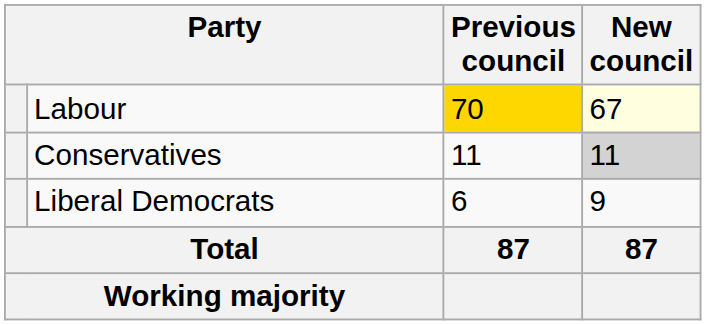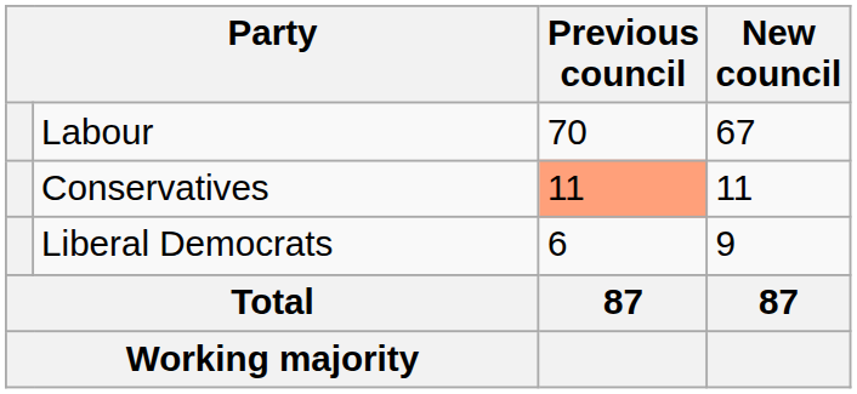 <table class="wikitable">
 <tr>
 <th valign=top colspan="2" style="width: 230px">Party</th>
 <th valign=top style="width: 30px">Previous council</th>
 <th valign=top style="width: 30px">New council</th>
 </tr>
 <tr>
 <th style="background-color: "></th>
 <td>Labour</td>
-<td style="background: gold;">70</td>
-<td style="background: lightyellow;">67</td>
+<td>70</td>
+<td>67</td>
 </tr>
 <tr>
 <th style="background-color: "></th>
 <td>Conservatives</td>
+<td style="background: lightsalmon;">11</td>
 <td>11</td>
-<td style="background: lightgrey;">11</td>
 </tr>
 <tr>
 <th style="background-color: "></th>
 <td>Liberal Democrats</td>
 <td>6</td>
 <td>9</td>
 </tr>
 <tr>
 <th colspan=2>Total</th>
 <th style="text-align: center">87</th>
 <th colspan=3>87</th>
 </tr>
 <tr>
 <th colspan=2>Working majority</th>
 <th></th>
 <th></th>
 </tr>
 </table>
